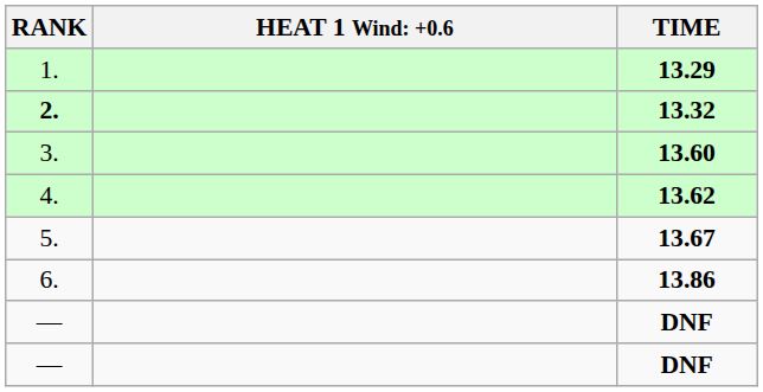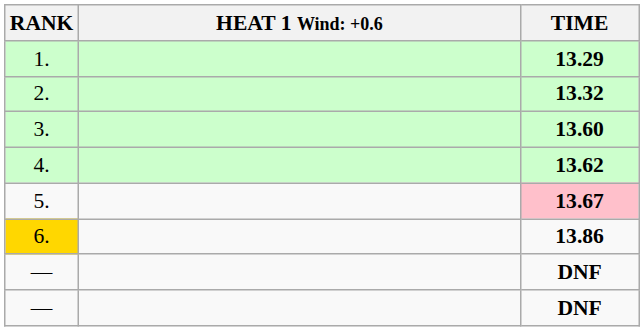 <table class="wikitable" style="border-collapse: collapse; font-size: 90%;">
 <tr>
 <th>RANK</th>
 <th style="width: 20em">HEAT 1 <small>Wind: +0.6</small></th>
 <th style="width: 5em">TIME</th>
 </tr>
 <tr style="background:#ccffcc;">
 <td align="center">1.</td>
 <td></td>
 <td align="center"><strong>13.29</strong></td>
 </tr>
 <tr style="background:#ccffcc;">
-<td align="center"><strong>2.</strong></td>
+<td align="center">2.</td>
 <td></td>
 <td align="center"><strong>13.32</strong></td>
 </tr>
 <tr style="background:#ccffcc;">
 <td align="center">3.</td>
 <td></td>
 <td align="center"><strong>13.60</strong></td>
 </tr>
 <tr style="background:#ccffcc;">
 <td align="center">4.</td>
 <td></td>
 <td align="center"><strong>13.62</strong></td>
 </tr>
 <tr>
 <td align="center">5.</td>
 <td></td>
-<td align="center"><strong>13.67</strong></td>
+<td align="center" style="background: pink;"><strong>13.67</strong></td>
 </tr>
 <tr>
-<td align="center">6.</td>
+<td align="center" style="background: gold;">6.</td>
 <td></td>
 <td align="center"><strong>13.86</strong></td>
 </tr>
 <tr>
 <td align="center">—</td>
 <td></td>
 <td align="center"><strong>DNF</strong></td>
 </tr>
 <tr>
 <td align="center">—</td>
 <td></td>
 <td align="center"><strong>DNF</strong></td>
 </tr>
 </table>
